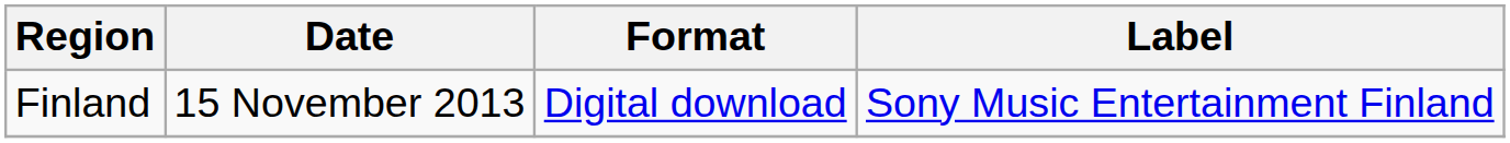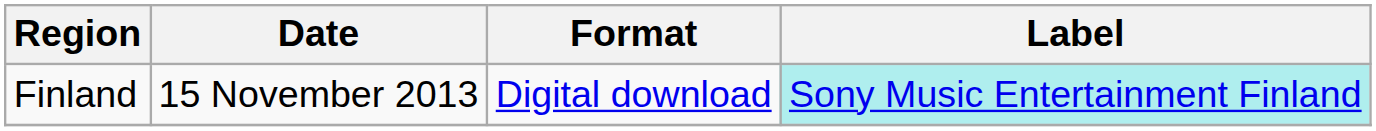 <table class=wikitable>
 <tr>
 <th>Region</th>
 <th>Date</th>
 <th>Format</th>
 <th>Label</th>
 </tr>
 <tr>
 <td>Finland</td>
 <td>15 November 2013</td>
 <td><a href='#'>Digital download</a></td>
-<td><a href='#'>Sony Music Entertainment Finland</a></td>
+<td style="background: paleturquoise;"><a href='#'>Sony Music Entertainment Finland</a></td>
 </tr>
 <tr>
 </tr>
 </table>
